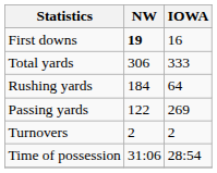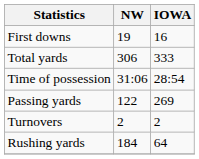 <table class="wikitable">
 <tr>
 <th>Statistics</th>
 <th>NW</th>
 <th>IOWA</th>
 </tr>
 <tr>
 <td>First downs</td>
-<td><strong>19</strong></td>
+<td>19</td>
 <td>16</td>
 </tr>
 <tr>
 <td>Total yards</td>
 <td>306</td>
 <td>333</td>
 </tr>
 <tr>
-<td>Rushing yards</td>
-<td>184</td>
-<td>64</td>
+<td>Time of possession</td>
+<td>31:06</td>
+<td>28:54</td>
 </tr>
 <tr>
 <td>Passing yards</td>
 <td>122</td>
 <td>269</td>
 </tr>
 <tr>
 <td>Turnovers</td>
 <td>2</td>
 <td>2</td>
 </tr>
 <tr>
-<td>Time of possession</td>
-<td>31:06</td>
-<td>28:54</td>
+<td>Rushing yards</td>
+<td>184</td>
+<td>64</td>
 </tr>
 <tr>
 </tr>
 </table>
